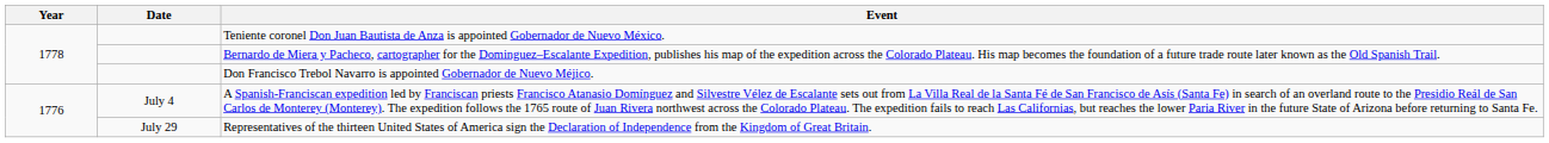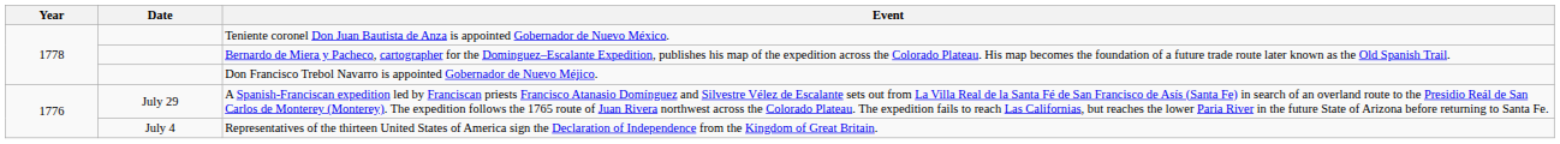 <table class="wikitable" style="width:100%;">
 <tr>
 <th style="width:6%">Year</th>
 <th style="width:8%">Date</th>
 <th style="width:86%">Event</th>
 </tr>
 <tr>
 <td align=center rowspan=3>1778</td>
 <td align=center> </td>
 <td>Teniente coronel <a href='#'>Don Juan Bautista de Anza</a> is appointed <a href='#'>Gobernador de Nuevo México</a>.</td>
 </tr>
 <tr>
 <td align=center> </td>
 <td><a href='#'>Bernardo de Miera y Pacheco</a>, <a href='#'>cartographer</a> for the <a href='#'>Dominguez–Escalante Expedition</a>, publishes his map of the expedition across the <a href='#'>Colorado Plateau</a>.  His map becomes the foundation of a future trade route later known as the <a href='#'>Old Spanish Trail</a>.</td>
 </tr>
 <tr>
 <td align=center> </td>
 <td>Don Francisco Trebol Navarro is appointed <a href='#'>Gobernador de Nuevo Méjico</a>.</td>
 </tr>
 <tr>
 <td align=center rowspan=2>1776</td>
-<td align=center>July 4</td>
+<td align=center>July 29</td>
 <td>A <a href='#'>Spanish-Franciscan expedition</a> led by <a href='#'>Franciscan</a> priests <a href='#'>Francisco Atanasio Domínguez</a> and <a href='#'>Silvestre Vélez de Escalante</a> sets out from <a href='#'>La Villa Real de la Santa Fé de San Francisco de Asís (Santa Fe)</a> in search of an overland route to the <a href='#'>Presidio Reál de San Carlos de Monterey (Monterey)</a>.  The expedition follows the 1765 route of <a href='#'>Juan Rivera</a> northwest across the <a href='#'>Colorado Plateau</a>.  The expedition fails to reach <a href='#'>Las Californias</a>, but reaches the lower <a href='#'>Paria River</a> in the future State of Arizona before returning to Santa Fe.</td>
 </tr>
 <tr>
-<td align=center>July 29</td>
+<td align=center>July 4</td>
 <td>Representatives of the thirteen United States of America sign the <a href='#'>Declaration of Independence</a> from the <a href='#'>Kingdom of Great Britain</a>.</td>
 </tr>
 </table>
